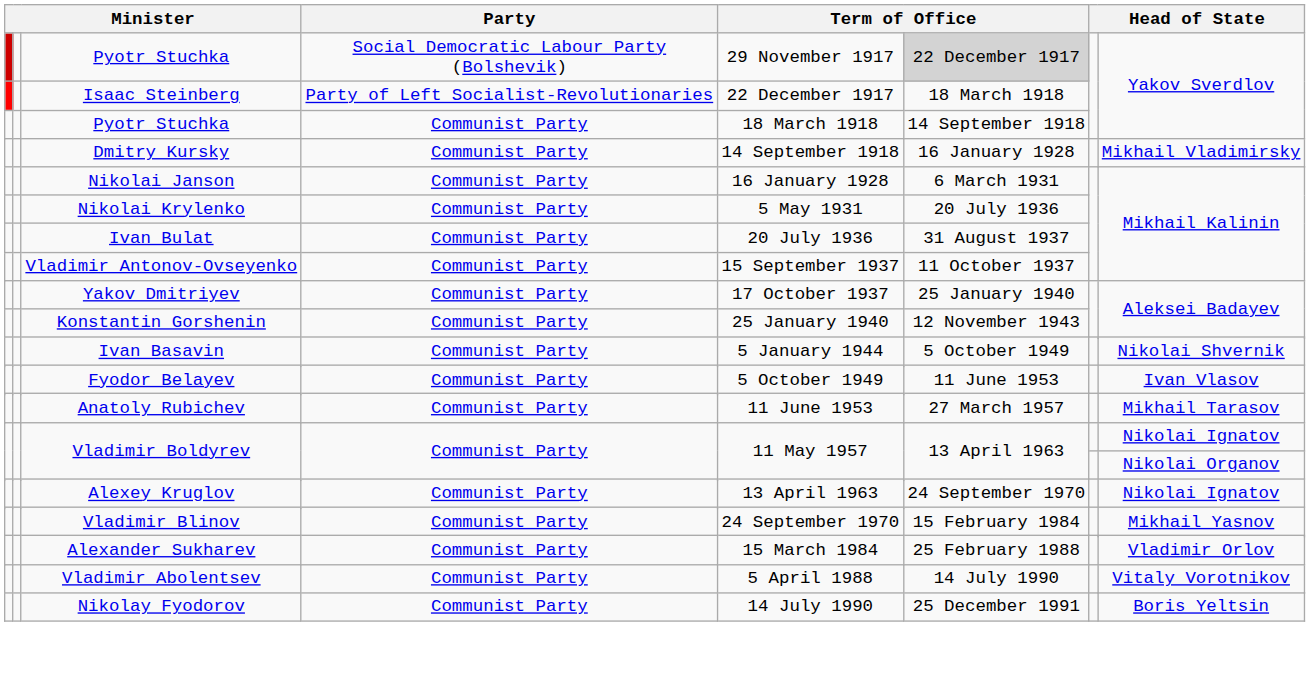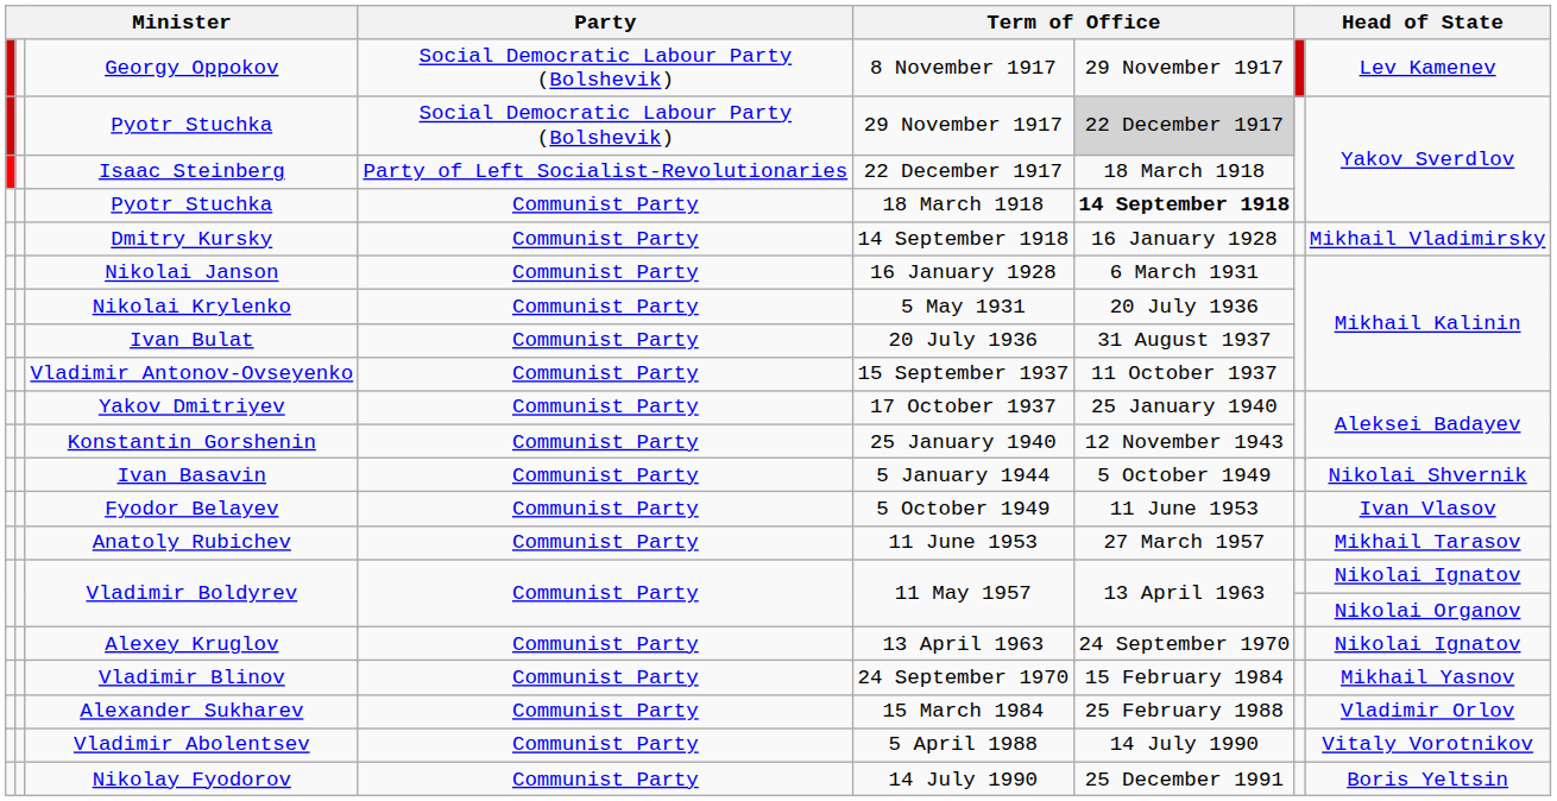 <table class="wikitable" style="text-align:center;">
 <tr>
 <th colspan=3>Minister</th>
 <th>Party</th>
 <th colspan=2>Term of Office</th>
 <th colspan=2>Head of State</th>
+</tr>
+<tr>
+<td style="background: #CE0000;"></td>
+<td></td>
+<td><a href='#'>Georgy Oppokov</a></td>
+<td><a href='#'>Social Democratic Labour Party</a><br>(<a href='#'>Bolshevik</a>)</td>
+<td>8 November 1917</td>
+<td>29 November 1917</td>
+<td style="background: #CE0000;"></td>
+<td><a href='#'>Lev Kamenev</a></td>
 </tr>
 <tr>
 <td style="background: #CE0000;"></td>
 <td></td>
 <td><a href='#'>Pyotr Stuchka</a></td>
 <td><a href='#'>Social Democratic Labour Party</a><br>(<a href='#'>Bolshevik</a>)</td>
 <td>29 November 1917</td>
 <td style="background: lightgrey;">22 December 1917</td>
 <td rowspan=4 style="background: "></td>
 <td rowspan=4><a href='#'>Yakov Sverdlov</a></td>
 </tr>
 <tr>
 <td style="background: #FF0000;"></td>
 <td></td>
 <td><a href='#'>Isaac Steinberg</a></td>
 <td><a href='#'>Party of Left Socialist-Revolutionaries</a></td>
 <td>22 December 1917</td>
 <td>18 March 1918</td>
 </tr>
 <tr>
 <td style="background: "></td>
 <td></td>
 <td><a href='#'>Pyotr Stuchka</a></td>
 <td><a href='#'>Communist Party</a></td>
 <td>18 March 1918</td>
-<td>14 September 1918</td>
+<td><strong>14 September 1918</strong></td>
 </tr>
 <tr>
 <td rowspan=3 style="background: "></td>
 <td rowspan=3></td>
 <td rowspan=3><a href='#'>Dmitry Kursky</a></td>
 <td rowspan=3><a href='#'>Communist Party</a></td>
 <td rowspan=3>14 September 1918</td>
 <td rowspan=3>16 January 1928</td>
 </tr>
 <tr>
 <td style="background: "></td>
 <td><a href='#'>Mikhail Vladimirsky</a></td>
 </tr>
 <tr>
 <td rowspan=6 style="background: "></td>
 <td rowspan=6><a href='#'>Mikhail Kalinin</a></td>
 </tr>
 <tr>
 <td style="background: "></td>
 <td></td>
 <td><a href='#'>Nikolai Janson</a></td>
 <td><a href='#'>Communist Party</a></td>
 <td>16 January 1928</td>
 <td>6 March 1931</td>
 </tr>
 <tr>
 <td style="background: "></td>
 <td></td>
 <td><a href='#'>Nikolai Krylenko</a></td>
 <td><a href='#'>Communist Party</a></td>
 <td>5 May 1931</td>
 <td>20 July 1936</td>
 </tr>
 <tr>
 <td style="background: "></td>
 <td></td>
 <td><a href='#'>Ivan Bulat</a></td>
 <td><a href='#'>Communist Party</a></td>
 <td>20 July 1936</td>
 <td>31 August 1937</td>
 </tr>
 <tr>
 <td style="background: "></td>
 <td></td>
 <td><a href='#'>Vladimir Antonov-Ovseyenko</a></td>
 <td><a href='#'>Communist Party</a></td>
 <td>15 September 1937</td>
 <td>11 October 1937</td>
 </tr>
 <tr>
 <td rowspan=2 style="background: "></td>
 <td rowspan=2></td>
 <td rowspan=2><a href='#'>Yakov Dmitriyev</a></td>
 <td rowspan=2><a href='#'>Communist Party</a></td>
 <td rowspan=2>17 October 1937</td>
 <td rowspan=2>25 January 1940</td>
 </tr>
 <tr>
 <td rowspan=3 style="background: "></td>
 <td rowspan=3><a href='#'>Aleksei Badayev</a></td>
 </tr>
 <tr>
 <td style="background: "></td>
 <td></td>
 <td><a href='#'>Konstantin Gorshenin</a></td>
 <td><a href='#'>Communist Party</a></td>
 <td>25 January 1940</td>
 <td>12 November 1943</td>
 </tr>
 <tr>
 <td rowspan=3 style="background: "></td>
 <td rowspan=3></td>
 <td rowspan=3><a href='#'>Ivan Basavin</a></td>
 <td rowspan=3><a href='#'>Communist Party</a></td>
 <td rowspan=3>5 January 1944</td>
 <td rowspan=3>5 October 1949</td>
 </tr>
 <tr>
 <td style="background: "></td>
 <td><a href='#'>Nikolai Shvernik</a></td>
 </tr>
 <tr>
 <td rowspan=2 style="background: "></td>
 <td rowspan=2><a href='#'>Ivan Vlasov</a></td>
 </tr>
 <tr>
 <td rowspan=2 style="background: "></td>
 <td rowspan=2></td>
 <td rowspan=2><a href='#'>Fyodor Belayev</a></td>
 <td rowspan=2><a href='#'>Communist Party</a></td>
 <td rowspan=2>5 October 1949</td>
 <td rowspan=2>11 June 1953</td>
 </tr>
 <tr>
 <td rowspan=3 style="background: "></td>
 <td rowspan=3><a href='#'>Mikhail Tarasov</a></td>
 </tr>
 <tr>
 <td style="background: "></td>
 <td></td>
 <td><a href='#'>Anatoly Rubichev</a></td>
 <td><a href='#'>Communist Party</a></td>
 <td>11 June 1953</td>
 <td>27 March 1957</td>
 </tr>
 <tr>
 <td rowspan=4 style="background: "></td>
 <td rowspan=4></td>
 <td rowspan=4><a href='#'>Vladimir Boldyrev</a></td>
 <td rowspan=4><a href='#'>Communist Party</a></td>
 <td rowspan=4>11 May 1957</td>
 <td rowspan=4>13 April 1963</td>
 </tr>
 <tr>
 <td style="background: "></td>
 <td><a href='#'>Nikolai Ignatov</a></td>
 </tr>
 <tr>
 <td style="background: "></td>
 <td><a href='#'>Nikolai Organov</a></td>
 </tr>
 <tr>
 <td rowspan=2 style="background: "></td>
 <td rowspan=2><a href='#'>Nikolai Ignatov</a></td>
 </tr>
 <tr>
 <td rowspan=2 style="background: "></td>
 <td rowspan=2></td>
 <td rowspan=2><a href='#'>Alexey Kruglov</a></td>
 <td rowspan=2><a href='#'>Communist Party</a></td>
 <td rowspan=2>13 April 1963</td>
 <td rowspan=2>24 September 1970</td>
 </tr>
 <tr>
 <td rowspan=3 style="background: "></td>
 <td rowspan=3><a href='#'>Mikhail Yasnov</a></td>
 </tr>
 <tr>
 <td style="background: "></td>
 <td></td>
 <td><a href='#'>Vladimir Blinov</a></td>
 <td><a href='#'>Communist Party</a></td>
 <td>24 September 1970</td>
 <td>15 February 1984</td>
 </tr>
 <tr>
 <td rowspan=2 style="background: "></td>
 <td rowspan=2></td>
 <td rowspan=2><a href='#'>Alexander Sukharev</a></td>
 <td rowspan=2><a href='#'>Communist Party</a></td>
 <td rowspan=2>15 March 1984</td>
 <td rowspan=2>25 February 1988</td>
 </tr>
 <tr>
 <td rowspan=2 style="background: "></td>
 <td rowspan=2><a href='#'>Vladimir Orlov</a></td>
 </tr>
 <tr>
 <td rowspan=3 style="background: "></td>
 <td rowspan=3></td>
 <td rowspan=3><a href='#'>Vladimir Abolentsev</a></td>
 <td rowspan=3><a href='#'>Communist Party</a></td>
 <td rowspan=3>5 April 1988</td>
 <td rowspan=3>14 July 1990</td>
 </tr>
 <tr>
 <td style="background: "></td>
 <td><a href='#'>Vitaly Vorotnikov</a></td>
 </tr>
 <tr>
 <td rowspan=2 style="background: "></td>
 <td rowspan=2><a href='#'>Boris Yeltsin</a></td>
 </tr>
 <tr>
 <td style="background: "></td>
 <td></td>
 <td><a href='#'>Nikolay Fyodorov</a></td>
 <td><a href='#'>Communist Party</a></td>
 <td>14 July 1990</td>
 <td>25 December 1991</td>
 </tr>
 </table>
